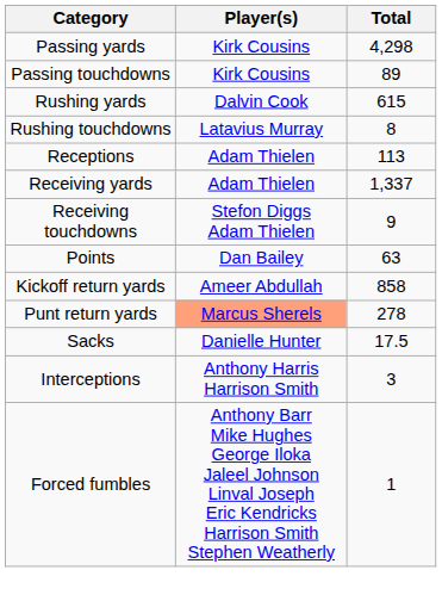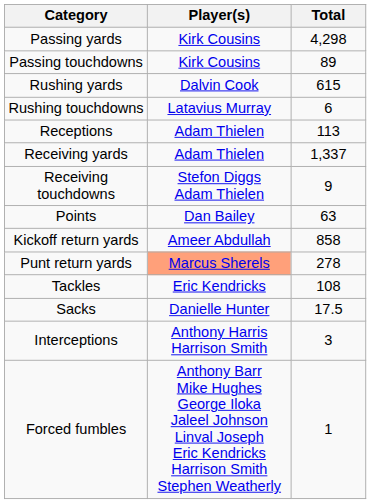 <table class="wikitable" style="text-align:center">
 <tr>
 <th width=150px>Category</th>
 <th width=150px>Player(s)</th>
 <th width=75px>Total</th>
 </tr>
 <tr>
 <td>Passing yards</td>
 <td><a href='#'>Kirk Cousins</a></td>
 <td>4,298</td>
 </tr>
 <tr>
 <td>Passing touchdowns</td>
 <td><a href='#'>Kirk Cousins</a></td>
 <td>89</td>
 </tr>
 <tr>
 <td>Rushing yards</td>
 <td><a href='#'>Dalvin Cook</a></td>
 <td>615</td>
 </tr>
 <tr>
 <td>Rushing touchdowns</td>
 <td><a href='#'>Latavius Murray</a></td>
-<td>8</td>
+<td>6</td>
 </tr>
 <tr>
 <td>Receptions</td>
 <td><a href='#'>Adam Thielen</a></td>
 <td>113</td>
 </tr>
 <tr>
 <td>Receiving yards</td>
 <td><a href='#'>Adam Thielen</a></td>
 <td>1,337</td>
 </tr>
 <tr>
 <td>Receiving touchdowns</td>
 <td><a href='#'>Stefon Diggs</a><br><a href='#'>Adam Thielen</a></td>
 <td>9</td>
 </tr>
 <tr>
 <td>Points</td>
 <td><a href='#'>Dan Bailey</a></td>
 <td>63</td>
 </tr>
 <tr>
 <td>Kickoff return yards</td>
 <td><a href='#'>Ameer Abdullah</a></td>
 <td>858</td>
 </tr>
 <tr>
 <td>Punt return yards</td>
 <td style="background: lightsalmon;"><a href='#'>Marcus Sherels</a></td>
 <td>278</td>
 </tr>
 <tr>
+<td>Tackles</td>
+<td><a href='#'>Eric Kendricks</a></td>
+<td>108</td>
+</tr>
+<tr>
 <td>Sacks</td>
 <td><a href='#'>Danielle Hunter</a></td>
 <td>17.5</td>
 </tr>
 <tr>
 <td>Interceptions</td>
 <td><a href='#'>Anthony Harris</a><br><a href='#'>Harrison Smith</a></td>
 <td>3</td>
 </tr>
 <tr>
 <td>Forced fumbles</td>
 <td><a href='#'>Anthony Barr</a><br><a href='#'>Mike Hughes</a><br><a href='#'>George Iloka</a><br><a href='#'>Jaleel Johnson</a><br><a href='#'>Linval Joseph</a><br><a href='#'>Eric Kendricks</a><br><a href='#'>Harrison Smith</a><br><a href='#'>Stephen Weatherly</a></td>
 <td>1</td>
 </tr>
 </table>
